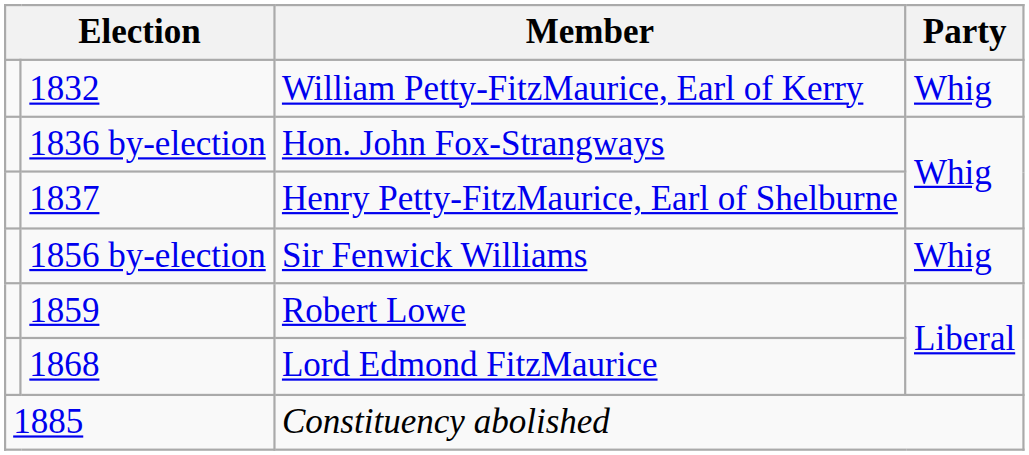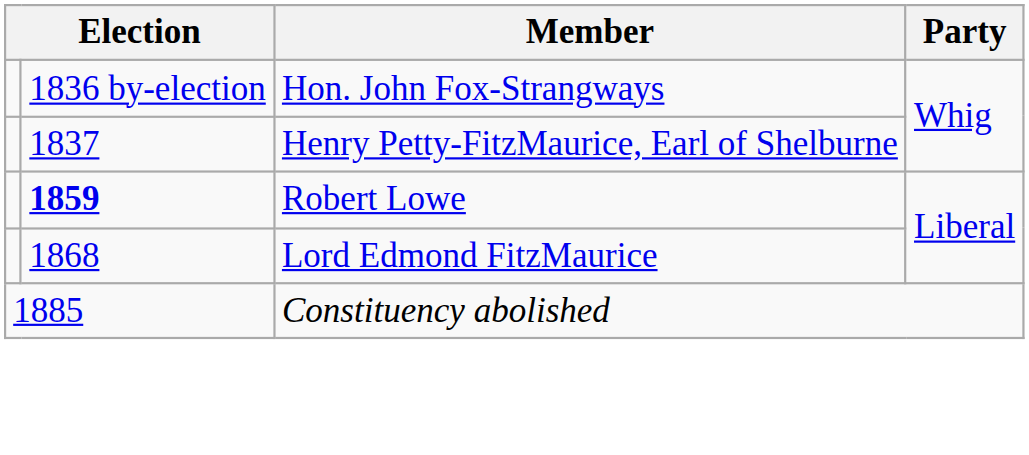 <table class="wikitable">
 <tr>
 <th colspan="2">Election</th>
 <th>Member</th>
 <th>Party</th>
-</tr>
-<tr>
-<td style="color:inherit;background-color: "></td>
-<td><a href='#'>1832</a></td>
-<td><a href='#'>William Petty-FitzMaurice, Earl of Kerry</a></td>
-<td><a href='#'>Whig</a></td>
 </tr>
 <tr>
 <td style="color:inherit;background-color: "></td>
 <td><a href='#'>1836 by-election</a></td>
 <td><a href='#'>Hon. John Fox-Strangways</a></td>
 <td rowspan="2"><a href='#'>Whig</a></td>
 </tr>
 <tr>
 <td style="color:inherit;background-color: "></td>
 <td><a href='#'>1837</a></td>
 <td><a href='#'>Henry Petty-FitzMaurice, Earl of Shelburne</a></td>
 </tr>
 <tr>
 <td style="color:inherit;background-color: "></td>
-<td><a href='#'>1856 by-election</a></td>
-<td><a href='#'>Sir Fenwick Williams</a></td>
-<td><a href='#'>Whig</a></td>
-</tr>
-<tr>
-<td style="color:inherit;background-color: "></td>
-<td><a href='#'>1859</a></td>
+<td><strong><a href='#'>1859</a></strong></td>
 <td><a href='#'>Robert Lowe</a></td>
 <td rowspan="2"><a href='#'>Liberal</a></td>
 </tr>
 <tr>
 <td style="color:inherit;background-color: "></td>
 <td><a href='#'>1868</a></td>
 <td><a href='#'>Lord Edmond FitzMaurice</a></td>
 </tr>
 <tr>
 <td colspan="2"><a href='#'>1885</a></td>
 <td colspan="2"><em>Constituency abolished</em></td>
 </tr>
 </table>
